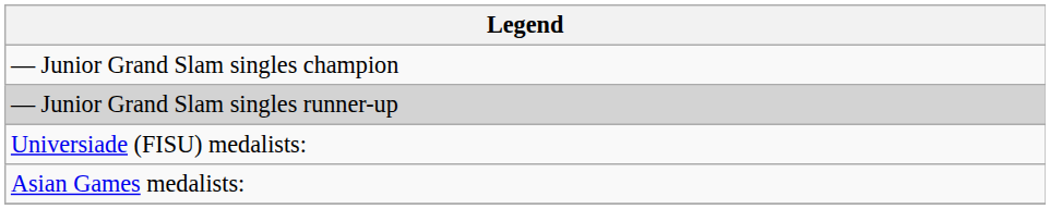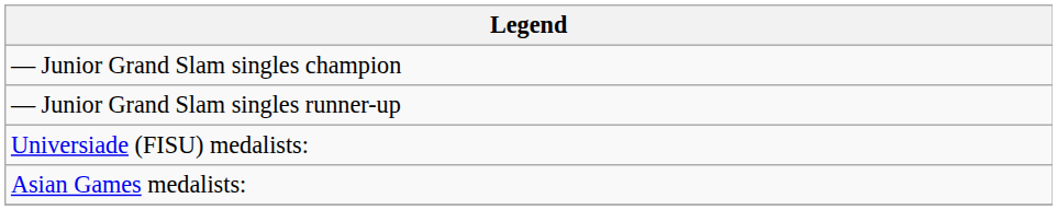 <table class="wikitable" style="font-size:95%; width:43em">
 <tr>
 <th>Legend</th>
 </tr>
 <tr>
 <td> — Junior Grand Slam singles champion</td>
 </tr>
 <tr>
-<td style="background: lightgrey;"> — Junior Grand Slam singles runner-up</td>
+<td> — Junior Grand Slam singles runner-up</td>
 </tr>
 <tr>
 <td><a href='#'>Universiade</a> (FISU) medalists:<br></td>
 </tr>
 <tr>
 <td><a href='#'>Asian Games</a> medalists:<br></td>
 </tr>
 <tr>
 </tr>
 </table>
